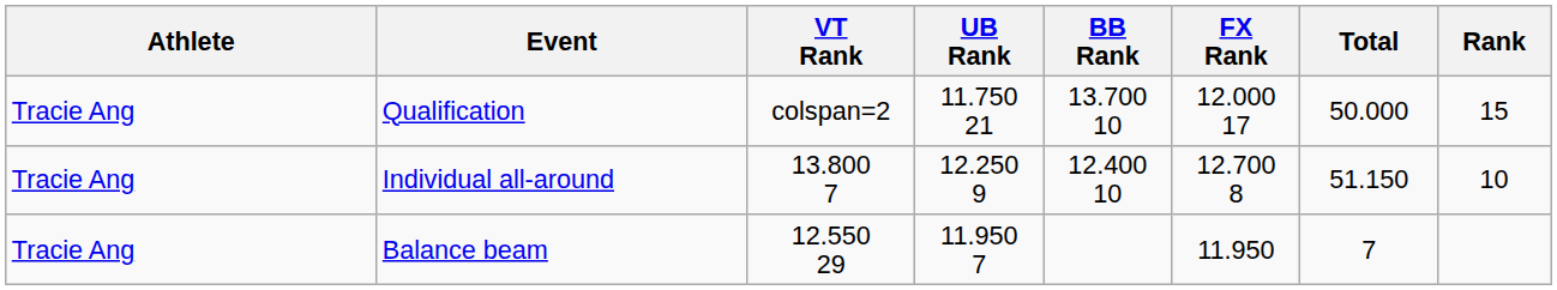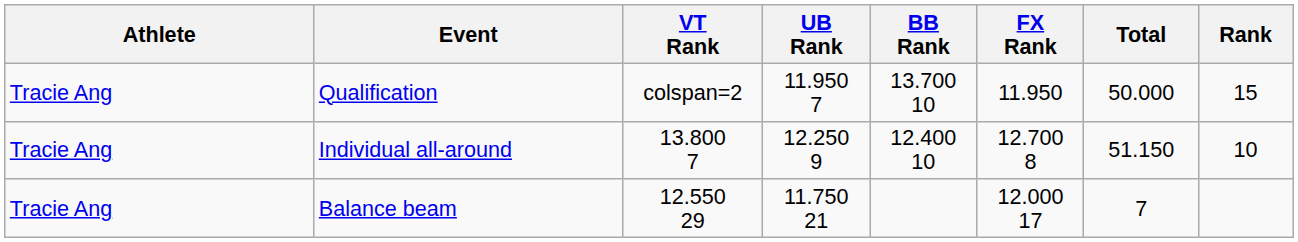 <table class="wikitable" width="68%" style="text-align:center; font-size:90%">
 <tr>
 <th width="15%">Athlete</th>
 <th width="15%">Event</th>
 <th width="4%"><a href='#'>VT</a><br>Rank</th>
 <th width="4%"><a href='#'>UB</a><br>Rank</th>
 <th width="4%"><a href='#'>BB</a><br>Rank</th>
 <th width="4%"><a href='#'>FX</a><br>Rank</th>
 <th width="5%">Total</th>
 <th width="4%">Rank</th>
 </tr>
 <tr>
 <td align="left"><a href='#'>Tracie Ang</a></td>
 <td align="left"><a href='#'>Qualification</a></td>
 <td>colspan=2 </td>
-<td>11.750<br>21</td>
+<td>11.950<br>7</td>
 <td>13.700<br>10 <strong></strong></td>
-<td>12.000<br>17</td>
+<td>11.950</td>
 <td>50.000</td>
 <td>15 <strong></strong></td>
 </tr>
 <tr>
 <td align="left"><a href='#'>Tracie Ang</a></td>
 <td align="left"><a href='#'>Individual all-around</a></td>
 <td>13.800<br>7</td>
 <td>12.250<br>9</td>
 <td>12.400<br>10</td>
 <td>12.700<br>8</td>
 <td>51.150</td>
 <td>10</td>
 </tr>
 <tr>
 <td align="left"><a href='#'>Tracie Ang</a></td>
 <td align="left"><a href='#'>Balance beam</a></td>
 <td>12.550<br>29</td>
-<td>11.950<br>7</td>
+<td>11.750<br>21</td>
 <td></td>
-<td>11.950</td>
+<td>12.000<br>17</td>
 <td>7</td>
 </tr>
 </table>
